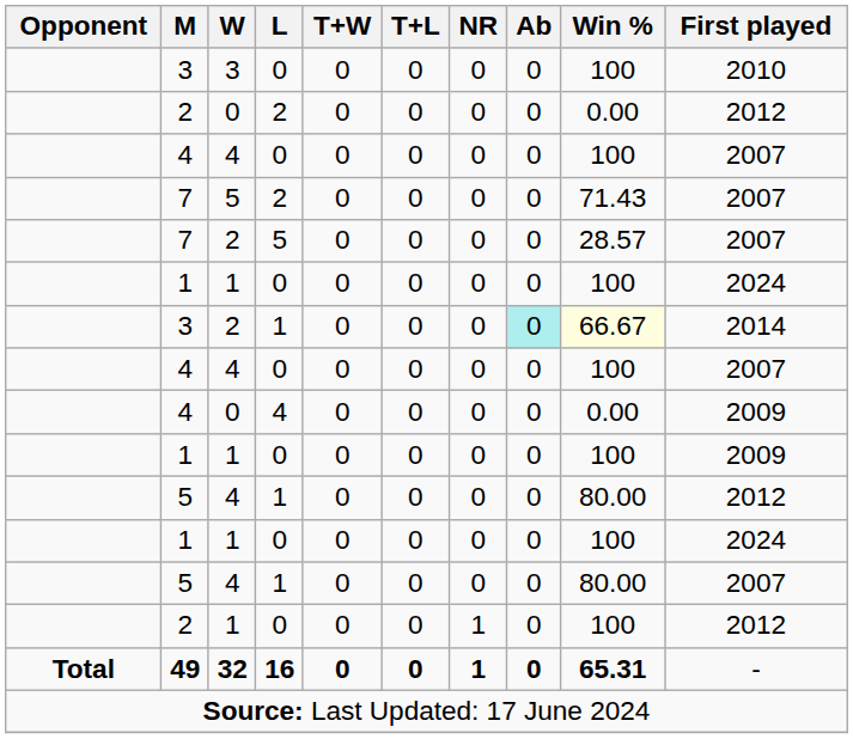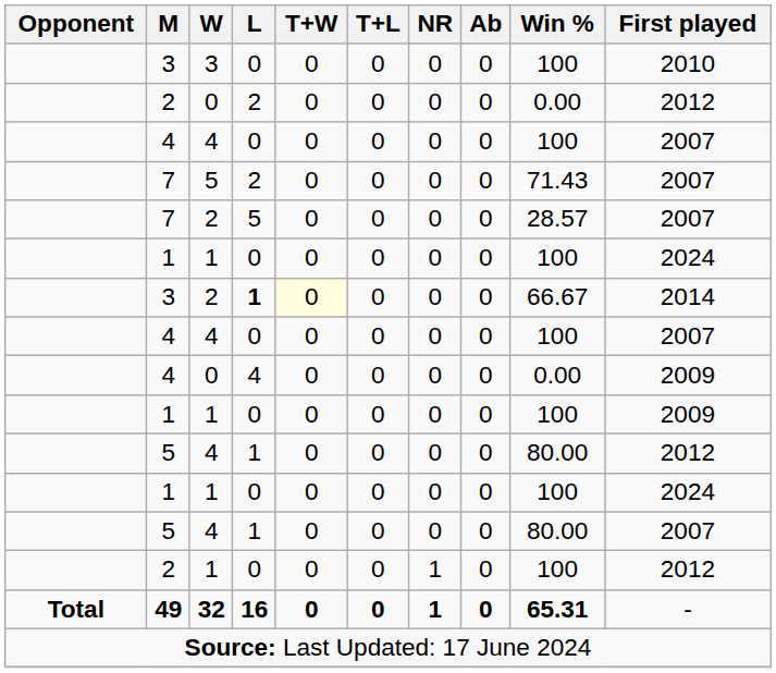 <table class="wikitable" style="text-align: center; width: 500px;">
 <tr>
 <th>Opponent</th>
 <th>M</th>
 <th>W</th>
 <th>L</th>
 <th>T+W</th>
 <th>T+L</th>
 <th>NR</th>
 <th>Ab</th>
 <th>Win %</th>
 <th>First played</th>
 </tr>
 <tr>
 <td align="left"></td>
 <td>3</td>
 <td>3</td>
 <td>0</td>
 <td>0</td>
 <td>0</td>
 <td>0</td>
 <td>0</td>
 <td>100</td>
 <td>2010</td>
 </tr>
 <tr>
 <td align="left"></td>
 <td>2</td>
 <td>0</td>
 <td>2</td>
 <td>0</td>
 <td>0</td>
 <td>0</td>
 <td>0</td>
 <td>0.00</td>
 <td>2012</td>
 </tr>
 <tr>
 <td align="left"></td>
 <td>4</td>
 <td>4</td>
 <td>0</td>
 <td>0</td>
 <td>0</td>
 <td>0</td>
 <td>0</td>
 <td>100</td>
 <td>2007</td>
 </tr>
 <tr>
 <td align="left"></td>
 <td>7</td>
 <td>5</td>
 <td>2</td>
 <td>0</td>
 <td>0</td>
 <td>0</td>
 <td>0</td>
 <td>71.43</td>
 <td>2007</td>
 </tr>
 <tr>
 <td align="left"></td>
 <td>7</td>
 <td>2</td>
 <td>5</td>
 <td>0</td>
 <td>0</td>
 <td>0</td>
 <td>0</td>
 <td>28.57</td>
 <td>2007</td>
 </tr>
 <tr>
 <td align="left"></td>
 <td>1</td>
 <td>1</td>
 <td>0</td>
 <td>0</td>
 <td>0</td>
 <td>0</td>
 <td>0</td>
 <td>100</td>
 <td>2024</td>
 </tr>
 <tr>
 <td align="left"></td>
 <td>3</td>
 <td>2</td>
-<td>1</td>
+<td><strong>1</strong></td>
+<td style="background: lightyellow;">0</td>
 <td>0</td>
 <td>0</td>
 <td>0</td>
-<td style="background: paleturquoise;">0</td>
-<td style="background: lightyellow;">66.67</td>
+<td>66.67</td>
 <td>2014</td>
 </tr>
 <tr>
 <td align="left"></td>
 <td>4</td>
 <td>4</td>
 <td>0</td>
 <td>0</td>
 <td>0</td>
 <td>0</td>
 <td>0</td>
 <td>100</td>
 <td>2007</td>
 </tr>
 <tr>
 <td align="left"></td>
 <td>4</td>
 <td>0</td>
 <td>4</td>
 <td>0</td>
 <td>0</td>
 <td>0</td>
 <td>0</td>
 <td>0.00</td>
 <td>2009</td>
 </tr>
 <tr>
 <td align="left"></td>
 <td>1</td>
 <td>1</td>
 <td>0</td>
 <td>0</td>
 <td>0</td>
 <td>0</td>
 <td>0</td>
 <td>100</td>
 <td>2009</td>
 </tr>
 <tr>
 <td align="left"></td>
 <td>5</td>
 <td>4</td>
 <td>1</td>
 <td>0</td>
 <td>0</td>
 <td>0</td>
 <td>0</td>
 <td>80.00</td>
 <td>2012</td>
 </tr>
 <tr>
 <td align="left"></td>
 <td>1</td>
 <td>1</td>
 <td>0</td>
 <td>0</td>
 <td>0</td>
 <td>0</td>
 <td>0</td>
 <td>100</td>
 <td>2024</td>
 </tr>
 <tr>
 <td align="left"></td>
 <td>5</td>
 <td>4</td>
 <td>1</td>
 <td>0</td>
 <td>0</td>
 <td>0</td>
 <td>0</td>
 <td>80.00</td>
 <td>2007</td>
 </tr>
 <tr>
 <td align="left"></td>
 <td>2</td>
 <td>1</td>
 <td>0</td>
 <td>0</td>
 <td>0</td>
 <td>1</td>
 <td>0</td>
 <td>100</td>
 <td>2012</td>
 </tr>
 <tr>
 <td><strong>Total</strong></td>
 <td><strong>49</strong></td>
 <td><strong>32</strong></td>
 <td><strong>16</strong></td>
 <td><strong>0</strong></td>
 <td><strong>0</strong></td>
 <td><strong>1</strong></td>
 <td><strong>0</strong></td>
 <td><strong>65.31</strong></td>
 <td>-</td>
 </tr>
 <tr>
 <td colspan="10"><strong>Source:</strong> Last Updated: 17 June 2024</td>
 </tr>
 <tr>
 </tr>
 </table>
